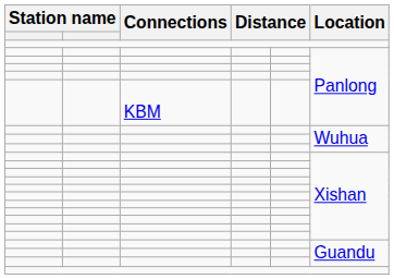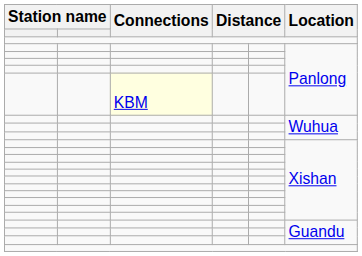 <table class="wikitable">
 <tr>
 <th colspan="2">Station name</th>
 <th rowspan="2">Connections</th>
 <th colspan="2" rowspan="2">Distance<br></th>
 <th rowspan="2">Location</th>
 </tr>
 <tr>
 <th></th>
 <th></th>
 </tr>
 <tr style="background:#">
 <td colspan = "8"></td>
 </tr>
 <tr>
 <td></td>
 <td></td>
 <td></td>
 <td></td>
 <td></td>
 <td rowspan="5"><a href='#'>Panlong</a></td>
 </tr>
 <tr>
 <td></td>
 <td></td>
 <td></td>
 <td></td>
 <td></td>
 </tr>
 <tr>
 <td></td>
 <td></td>
 <td></td>
 <td></td>
 <td></td>
 </tr>
 <tr>
 <td></td>
 <td></td>
 <td></td>
 <td></td>
 <td></td>
 </tr>
 <tr>
 <td></td>
 <td></td>
-<td> <br> <a href='#'>KBM</a></td>
+<td style="background: lightyellow;"> <br> <a href='#'>KBM</a></td>
 <td></td>
 <td></td>
 </tr>
 <tr>
 <td></td>
 <td></td>
 <td></td>
 <td></td>
 <td></td>
 <td rowspan="3"><a href='#'>Wuhua</a></td>
 </tr>
 <tr>
 <td></td>
 <td></td>
 <td></td>
 <td></td>
 <td></td>
 </tr>
 <tr>
 <td></td>
 <td></td>
 <td></td>
 <td></td>
 <td></td>
 </tr>
 <tr>
 <td></td>
 <td></td>
 <td></td>
 <td></td>
 <td></td>
 <td rowspan="11"><a href='#'>Xishan</a></td>
 </tr>
 <tr>
 <td></td>
 <td></td>
 <td></td>
 <td></td>
 <td></td>
 </tr>
 <tr>
 <td></td>
 <td></td>
 <td></td>
 <td></td>
 <td></td>
 </tr>
 <tr>
 <td></td>
 <td></td>
 <td></td>
 <td></td>
 <td></td>
 </tr>
 <tr>
 <td></td>
 <td></td>
 <td></td>
 <td></td>
 <td></td>
 </tr>
 <tr>
 <td></td>
 <td></td>
 <td></td>
 <td></td>
 <td></td>
 </tr>
 <tr>
 <td></td>
 <td></td>
 <td></td>
 <td></td>
 <td></td>
 </tr>
 <tr>
 <td></td>
 <td></td>
 <td></td>
 <td></td>
 <td></td>
 </tr>
 <tr>
 <td></td>
 <td></td>
 <td></td>
 <td></td>
 <td></td>
 </tr>
 <tr>
 <td></td>
 <td></td>
 <td></td>
 <td></td>
 <td></td>
 </tr>
 <tr>
 <td></td>
 <td></td>
 <td></td>
 <td></td>
 <td></td>
 </tr>
 <tr>
 <td></td>
 <td></td>
 <td></td>
 <td></td>
 <td></td>
 <td rowspan="3"><a href='#'>Guandu</a></td>
 </tr>
 <tr>
 <td></td>
 <td></td>
 <td></td>
 <td></td>
 <td></td>
 </tr>
 <tr>
 <td></td>
 <td></td>
 <td></td>
 <td></td>
 <td></td>
 </tr>
 <tr style="background:#">
 <td colspan="8"></td>
 </tr>
 </table>
